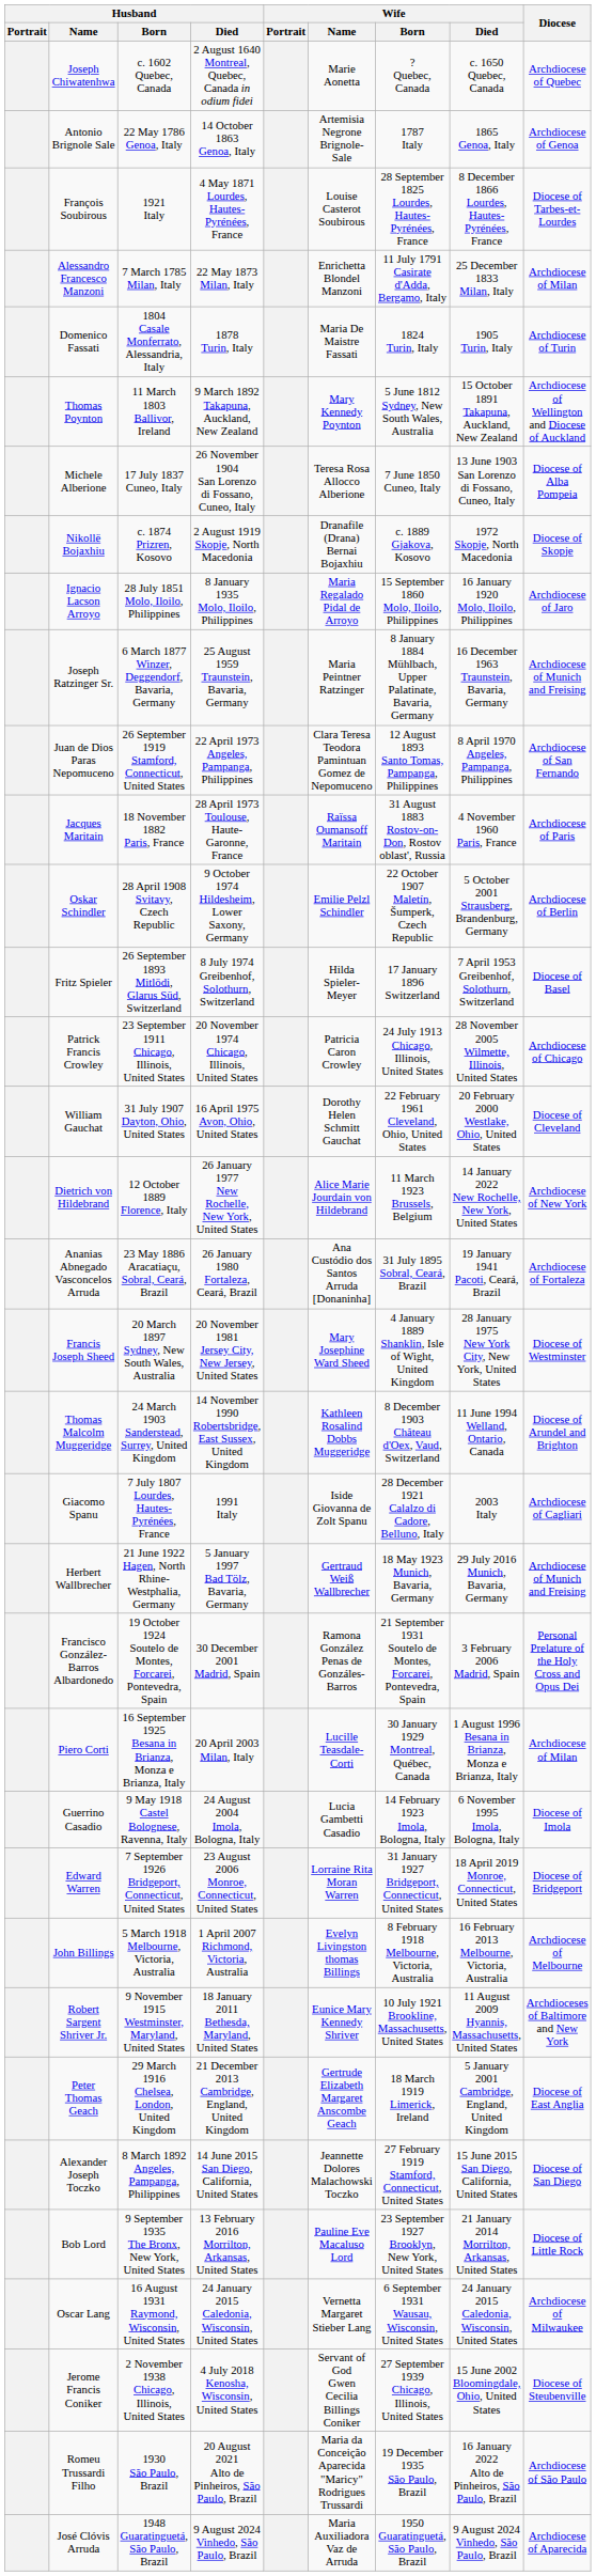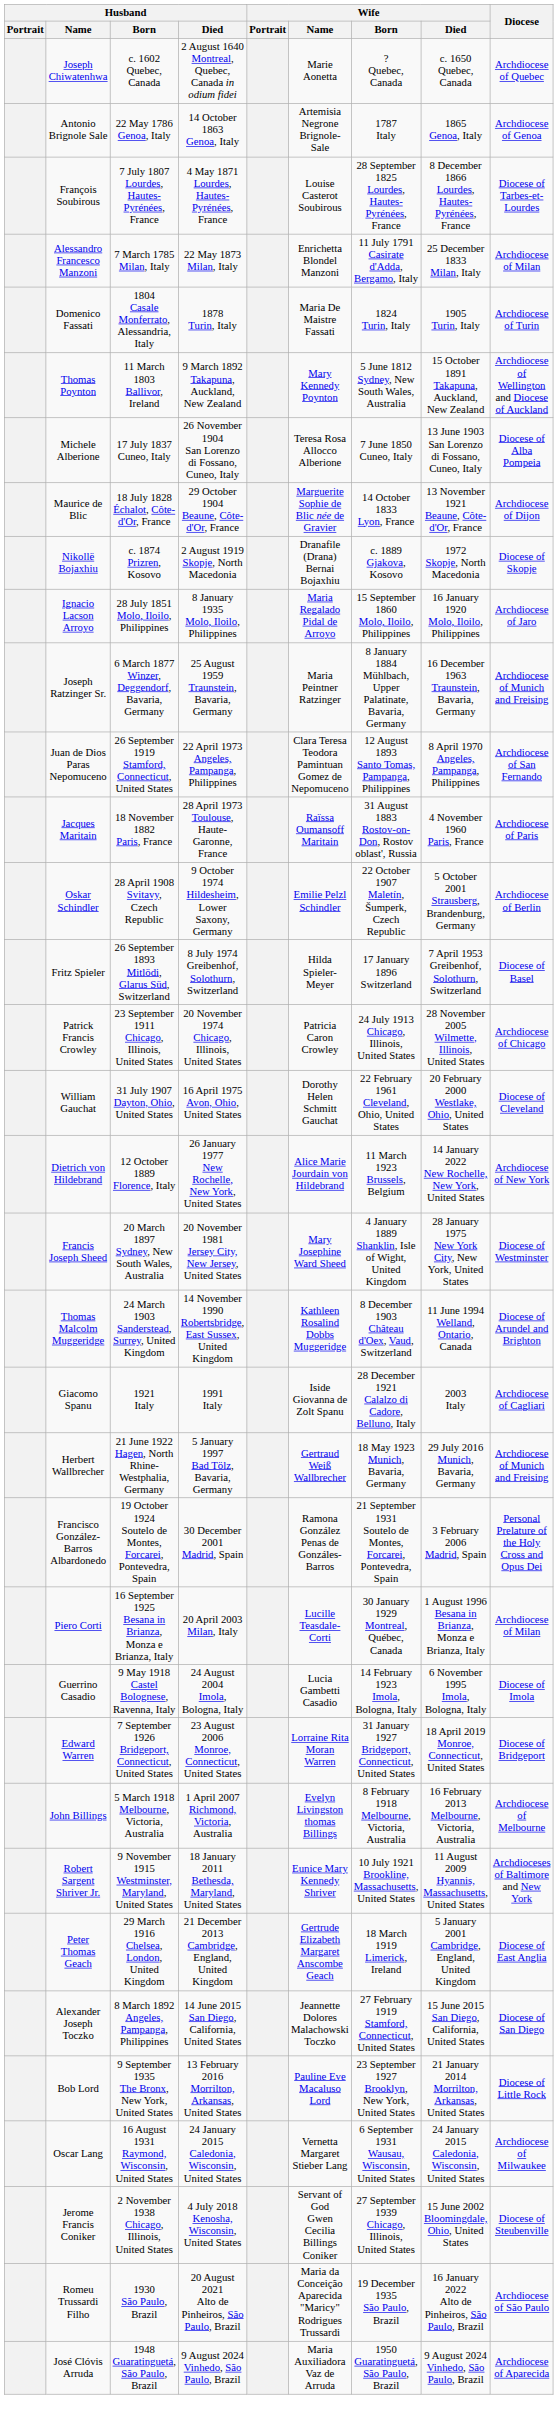 <table class="wikitable sortable">
 <tr>
 <th colspan=4>Husband</th>
 <th colspan=4>Wife</th>
 <th rowspan=2>Diocese</th>
 </tr>
 <tr>
 <th>Portrait</th>
 <th>Name</th>
 <th>Born</th>
 <th>Died</th>
 <th>Portrait</th>
 <th>Name</th>
 <th>Born</th>
 <th>Died</th>
 </tr>
 <tr>
 <th scope="row"></th>
 <td align="center"><a href='#'>Joseph Chiwatenhwa</a></td>
 <td align="center">c. 1602 <br> Quebec, Canada</td>
 <td align="center">2 August 1640 <br><a href='#'>Montreal</a>, Quebec, Canada <em>in odium fidei</em></td>
 <th scope="row"></th>
 <td align="center">Marie Aonetta</td>
 <td align="center">? <br>Quebec, Canada</td>
 <td align="center">c. 1650 <br>Quebec, Canada</td>
 <td align="center"><a href='#'>Archdiocese of Quebec</a></td>
 </tr>
 <tr>
 <th scope="row"></th>
 <td align="center">Antonio Brignole Sale</td>
 <td align="center">22 May 1786 <br><a href='#'>Genoa</a>, Italy</td>
 <td align="center">14 October 1863 <br><a href='#'>Genoa</a>, Italy</td>
 <th scope="row"></th>
 <td align="center">Artemisia Negrone Brignole-Sale</td>
 <td align="center">1787 <br>Italy</td>
 <td align="center">1865 <br><a href='#'>Genoa</a>, Italy</td>
 <td align="center"><a href='#'>Archdiocese of Genoa</a></td>
 </tr>
 <tr>
 <th scope="row"></th>
 <td align="center">François Soubirous</td>
-<td align="center">1921 <br>Italy</td>
+<td align="center">7 July 1807 <br><a href='#'>Lourdes</a>, <a href='#'>Hautes-Pyrénées</a>, France</td>
 <td align="center">4 May 1871 <br><a href='#'>Lourdes</a>, <a href='#'>Hautes-Pyrénées</a>, France</td>
 <th scope="row"></th>
 <td align="center">Louise Casterot Soubirous</td>
 <td align="center">28 September 1825 <br><a href='#'>Lourdes</a>, <a href='#'>Hautes-Pyrénées</a>, France</td>
 <td align="center">8 December 1866 <br><a href='#'>Lourdes</a>, <a href='#'>Hautes-Pyrénées</a>, France</td>
 <td align="center"><a href='#'>Diocese of Tarbes-et-Lourdes</a></td>
 </tr>
 <tr>
 <th scope="row"></th>
 <td align="center"><a href='#'>Alessandro Francesco Manzoni</a></td>
 <td align="center">7 March 1785 <br><a href='#'>Milan</a>, Italy</td>
 <td align="center">22 May 1873 <br><a href='#'>Milan</a>, Italy</td>
 <th scope="row"></th>
 <td align="center">Enrichetta Blondel Manzoni</td>
 <td align="center">11 July 1791 <br><a href='#'>Casirate d'Adda</a>, <a href='#'>Bergamo</a>, Italy</td>
 <td align="center">25 December 1833 <br><a href='#'>Milan</a>, Italy</td>
 <td align="center"><a href='#'>Archdiocese of Milan</a></td>
 </tr>
 <tr>
 <th scope="row"></th>
 <td align="center">Domenico Fassati</td>
 <td align="center">1804 <br><a href='#'>Casale Monferrato</a>, Alessandria, Italy</td>
 <td align="center">1878 <br><a href='#'>Turin</a>, Italy</td>
 <th scope="row"></th>
 <td align="center">Maria De Maistre Fassati</td>
 <td align="center">1824 <br><a href='#'>Turin</a>, Italy</td>
 <td align="center">1905 <br><a href='#'>Turin</a>, Italy</td>
 <td align="center"><a href='#'>Archdiocese of Turin</a></td>
 </tr>
 <tr>
 <th scope="row"></th>
 <td align="center"><a href='#'>Thomas Poynton</a></td>
 <td align="center">11 March 1803 <br><a href='#'>Ballivor</a>, Ireland</td>
 <td align="center">9 March 1892 <br><a href='#'>Takapuna</a>, Auckland, New Zealand</td>
 <th scope="row"></th>
 <td align="center"><a href='#'>Mary Kennedy Poynton</a></td>
 <td align="center">5 June 1812 <br><a href='#'>Sydney</a>, New South Wales, Australia</td>
 <td align="center">15 October 1891 <br><a href='#'>Takapuna</a>, Auckland, New Zealand</td>
 <td align="center"><a href='#'>Archdiocese of Wellington</a> and <a href='#'>Diocese of Auckland</a></td>
 </tr>
 <tr>
 <th scope="row"></th>
 <td align="center">Michele Alberione</td>
 <td align="center">17 July 1837 <br>Cuneo, Italy</td>
 <td align="center">26 November 1904 <br>San Lorenzo di Fossano, Cuneo, Italy</td>
 <th scope="row"></th>
 <td align="center">Teresa Rosa Allocco Alberione</td>
 <td align="center">7 June 1850 <br>Cuneo, Italy</td>
 <td align="center">13 June 1903 <br>San Lorenzo di Fossano, Cuneo, Italy</td>
 <td align="center"><a href='#'>Diocese of Alba Pompeia</a></td>
+</tr>
+<tr>
+<th scope="row"></th>
+<td align="center">Maurice de Blic</td>
+<td align="center">18 July 1828 <br><a href='#'>Échalot</a>, <a href='#'>Côte-d'Or</a>, France</td>
+<td align="center">29 October 1904 <br><a href='#'>Beaune</a>, <a href='#'>Côte-d'Or</a>, France</td>
+<th scope="row"></th>
+<td align="center"><a href='#'>Marguerite Sophie de Blic <em>née</em> de Gravier</a></td>
+<td align="center">14 October 1833 <br><a href='#'>Lyon</a>, France</td>
+<td align="center">13 November 1921 <br><a href='#'>Beaune</a>, <a href='#'>Côte-d'Or</a>, France</td>
+<td align="center"><a href='#'>Archdiocese of Dijon</a></td>
 </tr>
 <tr>
 <th scope="row"></th>
 <td align="center"><a href='#'>Nikollë Bojaxhiu</a></td>
 <td align="center">c. 1874 <br><a href='#'>Prizren</a>, Kosovo</td>
 <td align="center">2 August 1919 <br><a href='#'>Skopje</a>, North Macedonia</td>
 <th scope="row"></th>
 <td align="center">Dranafile (Drana) Bernai Bojaxhiu</td>
 <td align="center">c. 1889 <br><a href='#'>Gjakova</a>, Kosovo</td>
 <td align="center">1972 <br><a href='#'>Skopje</a>, North Macedonia</td>
 <td align="center"><a href='#'>Diocese of Skopje</a></td>
 </tr>
 <tr>
 <th scope="row"></th>
 <td align="center"><a href='#'>Ignacio Lacson Arroyo</a></td>
 <td align="center">28 July 1851 <br><a href='#'>Molo, Iloilo</a>, Philippines</td>
 <td align="center">8 January 1935 <br><a href='#'>Molo, Iloilo</a>, Philippines</td>
 <th scope="row"></th>
 <td align="center"><a href='#'>Maria Regalado Pidal de Arroyo</a></td>
 <td align="center">15 September 1860 <br><a href='#'>Molo, Iloilo</a>, Philippines</td>
 <td align="center">16 January 1920 <br><a href='#'>Molo, Iloilo</a>, Philippines</td>
 <td align="center"><a href='#'>Archdiocese of Jaro</a></td>
 </tr>
 <tr>
 <th scope="row"></th>
 <td align="center">Joseph Ratzinger Sr.</td>
 <td align="center">6 March 1877 <br><a href='#'>Winzer</a>, <a href='#'>Deggendorf</a>, Bavaria, Germany</td>
 <td align="center">25 August 1959 <br><a href='#'>Traunstein</a>, Bavaria, Germany</td>
 <th scope="row"></th>
 <td align="center">Maria Peintner Ratzinger</td>
 <td align="center">8 January 1884 <br>Mühlbach, Upper Palatinate, Bavaria, Germany</td>
 <td align="center">16 December 1963 <br><a href='#'>Traunstein</a>, Bavaria, Germany</td>
 <td align="center"><a href='#'>Archdiocese of Munich and Freising</a></td>
 </tr>
 <tr>
 <th scope="row"></th>
 <td align="center">Juan de Dios Paras Nepomuceno</td>
 <td align="center">26 September 1919 <br><a href='#'>Stamford, Connecticut</a>, United States</td>
 <td align="center">22 April 1973 <br><a href='#'>Angeles, Pampanga</a>, Philippines</td>
 <th scope="row"></th>
 <td align="center">Clara Teresa Teodora Pamintuan Gomez de Nepomuceno</td>
 <td align="center">12 August 1893 <br><a href='#'>Santo Tomas, Pampanga</a>, Philippines</td>
 <td align="center">8 April 1970 <br><a href='#'>Angeles, Pampanga</a>, Philippines</td>
 <td align="center"><a href='#'>Archdiocese of San Fernando</a></td>
 </tr>
 <tr>
 <th scope="row"></th>
 <td align="center"><a href='#'>Jacques Maritain</a></td>
 <td align="center">18 November 1882 <br><a href='#'>Paris</a>, France</td>
 <td align="center">28 April 1973 <br><a href='#'>Toulouse</a>, Haute-Garonne, France</td>
 <th scope="row"></th>
 <td align="center"><a href='#'>Raïssa Oumansoff Maritain</a></td>
 <td align="center">31 August 1883 <br><a href='#'>Rostov-on-Don</a>, Rostov oblast', Russia</td>
 <td align="center">4 November 1960 <br><a href='#'>Paris</a>, France</td>
 <td align="center"><a href='#'>Archdiocese of Paris</a></td>
 </tr>
 <tr>
 <th scope="row"></th>
 <td align="center"><a href='#'>Oskar Schindler</a></td>
 <td align="center">28 April 1908 <br><a href='#'>Svitavy</a>, Czech Republic</td>
 <td align="center">9 October 1974 <br><a href='#'>Hildesheim</a>, Lower Saxony, Germany</td>
 <th scope="row"></th>
 <td align="center"><a href='#'>Emilie Pelzl Schindler</a></td>
 <td align="center">22 October 1907 <br><a href='#'>Maletín</a>, Šumperk, Czech Republic</td>
 <td align="center">5 October 2001 <br><a href='#'>Strausberg</a>, Brandenburg, Germany</td>
 <td align="center"><a href='#'>Archdiocese of Berlin</a></td>
 </tr>
 <tr>
 <th scope="row"></th>
 <td align="center">Fritz Spieler</td>
 <td align="center">26 September 1893 <br><a href='#'>Mitlödi</a>, <a href='#'>Glarus Süd</a>, Switzerland</td>
 <td align="center">8 July 1974 <br>Greibenhof, <a href='#'>Solothurn</a>, Switzerland</td>
 <th scope="row"></th>
 <td align="center">Hilda Spieler-Meyer</td>
 <td align="center">17 January 1896 <br>Switzerland</td>
 <td align="center">7 April 1953 <br>Greibenhof, <a href='#'>Solothurn</a>, Switzerland</td>
 <td align="center"><a href='#'>Diocese of Basel</a></td>
 </tr>
 <tr>
 <th scope="row"></th>
 <td align="center">Patrick Francis Crowley</td>
 <td align="center">23 September 1911 <br><a href='#'>Chicago</a>, Illinois, United States</td>
 <td align="center">20 November 1974 <br><a href='#'>Chicago</a>, Illinois, United States</td>
 <th scope="row"></th>
 <td align="center">Patricia Caron Crowley</td>
 <td align="center">24 July 1913 <br><a href='#'>Chicago</a>, Illinois, United States</td>
 <td align="center">28 November 2005 <br><a href='#'>Wilmette, Illinois</a>, United States</td>
 <td align="center"><a href='#'>Archdiocese of Chicago</a></td>
 </tr>
 <tr>
 <th scope="row"></th>
 <td align="center">William Gauchat</td>
 <td align="center">31 July 1907 <br><a href='#'>Dayton, Ohio</a>, United States</td>
 <td align="center">16 April 1975 <br><a href='#'>Avon, Ohio</a>, United States</td>
 <th scope="row"></th>
 <td align="center">Dorothy Helen Schmitt Gauchat</td>
 <td align="center">22 February 1961 <br><a href='#'>Cleveland</a>, Ohio, United States</td>
 <td align="center">20 February 2000 <br><a href='#'>Westlake, Ohio</a>, United States</td>
 <td align="center"><a href='#'>Diocese of Cleveland</a></td>
 </tr>
 <tr>
 <th scope="row"></th>
 <td align="center"><a href='#'>Dietrich von Hildebrand</a></td>
 <td align="center">12 October 1889 <br><a href='#'>Florence</a>, Italy</td>
 <td align="center">26 January 1977 <br><a href='#'>New Rochelle, New York</a>, United States</td>
 <th scope="row"></th>
 <td align="center"><a href='#'>Alice Marie Jourdain von Hildebrand</a></td>
 <td align="center">11 March 1923 <br><a href='#'>Brussels</a>, Belgium</td>
 <td align="center">14 January 2022 <br><a href='#'>New Rochelle, New York</a>, United States</td>
 <td align="center"><a href='#'>Archdiocese of New York</a></td>
 </tr>
 <tr>
 <th scope="row"></th>
-<td align="center">Ananias Abnegado Vasconcelos Arruda</td>
-<td align="center">23 May 1886 <br>Aracatiaçu, <a href='#'>Sobral, Ceará</a>, Brazil</td>
-<td align="center">26 January 1980 <br><a href='#'>Fortaleza</a>, Ceará, Brazil</td>
-<th scope="row"></th>
-<td align="center">Ana Custódio dos Santos Arruda [Donaninha]</td>
-<td align="center">31 July 1895 <br><a href='#'>Sobral, Ceará</a>, Brazil</td>
-<td align="center">19 January 1941 <br><a href='#'>Pacoti</a>, Ceará, Brazil</td>
-<td align="center"><a href='#'>Archdiocese of Fortaleza</a></td>
-</tr>
-<tr>
-<th scope="row"></th>
 <td align="center"><a href='#'>Francis Joseph Sheed</a></td>
 <td align="center">20 March 1897 <br><a href='#'>Sydney</a>, New South Wales, Australia</td>
 <td align="center">20 November 1981 <br><a href='#'>Jersey City, New Jersey</a>, United States</td>
 <th scope="row"></th>
 <td align="center"><a href='#'>Mary Josephine Ward Sheed</a></td>
 <td align="center">4 January 1889 <br><a href='#'>Shanklin</a>, Isle of Wight, United Kingdom</td>
 <td align="center">28 January 1975 <br><a href='#'>New York City</a>, New York, United States</td>
 <td align="center"><a href='#'>Diocese of Westminster</a></td>
 </tr>
 <tr>
 <th scope="row"></th>
 <td align="center"><a href='#'>Thomas Malcolm Muggeridge</a></td>
 <td align="center">24 March 1903 <br><a href='#'>Sanderstead</a>, <a href='#'>Surrey</a>, United Kingdom</td>
 <td align="center">14 November 1990 <br><a href='#'>Robertsbridge</a>, <a href='#'>East Sussex</a>, United Kingdom</td>
 <th scope="row"></th>
 <td align="center"><a href='#'>Kathleen Rosalind Dobbs Muggeridge</a></td>
 <td align="center">8 December 1903 <br><a href='#'>Château d'Oex</a>, <a href='#'>Vaud</a>, Switzerland</td>
 <td align="center">11 June 1994 <br><a href='#'>Welland</a>, <a href='#'>Ontario</a>, Canada</td>
 <td align="center"><a href='#'>Diocese of Arundel and Brighton</a></td>
 </tr>
 <tr>
 <th scope="row"></th>
 <td align="center">Giacomo Spanu</td>
-<td align="center">7 July 1807 <br><a href='#'>Lourdes</a>, <a href='#'>Hautes-Pyrénées</a>, France</td>
+<td align="center">1921 <br>Italy</td>
 <td align="center">1991 <br>Italy</td>
 <th scope="row"></th>
 <td align="center">Iside Giovanna de Zolt Spanu</td>
 <td align="center">28 December 1921 <br><a href='#'>Calalzo di Cadore</a>, <a href='#'>Belluno</a>, Italy</td>
 <td align="center">2003 <br>Italy</td>
 <td align="center"><a href='#'>Archdiocese of Cagliari</a></td>
 </tr>
 <tr>
 <th scope="row"></th>
 <td align="center">Herbert Wallbrecher</td>
 <td align="center">21 June 1922 <br><a href='#'>Hagen</a>, North Rhine-Westphalia, Germany</td>
 <td align="center">5 January 1997 <br><a href='#'>Bad Tölz</a>, Bavaria, Germany</td>
 <th scope="row"></th>
 <td align="center"><a href='#'>Gertraud Weiß Wallbrecher</a></td>
 <td align="center">18 May 1923 <br><a href='#'>Munich</a>, Bavaria, Germany</td>
 <td align="center">29 July 2016 <br><a href='#'>Munich</a>, Bavaria, Germany</td>
 <td align="center"><a href='#'>Archdiocese of Munich and Freising</a></td>
 </tr>
 <tr>
 <th scope="row"></th>
 <td align="center">Francisco González-Barros Albardonedo</td>
 <td align="center">19 October 1924 <br>Soutelo de Montes, <a href='#'>Forcarei</a>, Pontevedra, Spain</td>
 <td align="center">30 December 2001 <br><a href='#'>Madrid</a>, Spain</td>
 <th scope="row"></th>
 <td align="center">Ramona González Penas de Gonzáles-Barros</td>
 <td align="center">21 September 1931 <br>Soutelo de Montes, <a href='#'>Forcarei</a>, Pontevedra, Spain</td>
 <td align="center">3 February 2006 <br><a href='#'>Madrid</a>, Spain</td>
 <td align="center"><a href='#'>Personal Prelature of the Holy Cross and Opus Dei</a></td>
 </tr>
 <tr>
 <th scope="row"></th>
 <td align="center"><a href='#'>Piero Corti</a></td>
 <td align="center">16 September 1925 <br><a href='#'>Besana in Brianza</a>, Monza e Brianza, Italy</td>
 <td align="center">20 April 2003 <br><a href='#'>Milan</a>, Italy</td>
 <th scope="row"></th>
 <td align="center"><a href='#'>Lucille Teasdale-Corti</a></td>
 <td align="center">30 January 1929 <br><a href='#'>Montreal</a>, Québec, Canada</td>
 <td align="center">1 August 1996 <br><a href='#'>Besana in Brianza</a>, Monza e Brianza, Italy</td>
 <td align="center"><a href='#'>Archdiocese of Milan</a></td>
 </tr>
 <tr>
 <th scope="row"></th>
 <td align="center">Guerrino Casadio</td>
 <td align="center">9 May 1918 <br><a href='#'>Castel Bolognese</a>, Ravenna, Italy</td>
 <td align="center">24 August 2004 <br><a href='#'>Imola</a>, Bologna, Italy</td>
 <th scope="row"></th>
 <td align="center">Lucia Gambetti Casadio</td>
 <td align="center">14 February 1923 <br><a href='#'>Imola</a>, Bologna, Italy</td>
 <td align="center">6 November 1995 <br><a href='#'>Imola</a>, Bologna, Italy</td>
 <td align="center"><a href='#'>Diocese of Imola</a></td>
 </tr>
 <tr>
 <th scope="row"></th>
 <td align="center"><a href='#'>Edward Warren</a></td>
 <td align="center">7 September 1926 <br><a href='#'>Bridgeport, Connecticut</a>, United States</td>
 <td align="center">23 August 2006 <br><a href='#'>Monroe, Connecticut</a>, United States</td>
 <th scope="row"></th>
 <td align="center"><a href='#'>Lorraine Rita Moran Warren</a></td>
 <td align="center">31 January 1927 <br><a href='#'>Bridgeport, Connecticut</a>, United States</td>
 <td align="center">18 April 2019 <br><a href='#'>Monroe, Connecticut</a>, United States</td>
 <td align="center"><a href='#'>Diocese of Bridgeport</a></td>
 </tr>
 <tr>
 <th scope="row"></th>
 <td align="center"><a href='#'>John Billings</a></td>
 <td align="center">5 March 1918 <br><a href='#'>Melbourne</a>, Victoria, Australia</td>
 <td align="center">1 April 2007 <br><a href='#'>Richmond, Victoria</a>, Australia</td>
 <th scope="row"></th>
 <td align="center"><a href='#'>Evelyn Livingston thomas Billings</a></td>
 <td align="center">8 February 1918 <br><a href='#'>Melbourne</a>, Victoria, Australia</td>
 <td align="center">16 February 2013 <br><a href='#'>Melbourne</a>, Victoria, Australia</td>
 <td align="center"><a href='#'>Archdiocese of Melbourne</a></td>
 </tr>
 <tr>
 <th scope="row"></th>
 <td align="center"><a href='#'>Robert Sargent Shriver Jr.</a></td>
 <td align="center">9 November 1915 <br><a href='#'>Westminster, Maryland</a>, United States</td>
 <td align="center">18 January 2011 <br><a href='#'>Bethesda, Maryland</a>, United States</td>
 <th scope="row"></th>
 <td align="center"><a href='#'>Eunice Mary Kennedy Shriver</a></td>
 <td align="center">10 July 1921 <br><a href='#'>Brookline, Massachusetts</a>, United States</td>
 <td align="center">11 August 2009 <br><a href='#'>Hyannis, Massachusetts</a>, United States</td>
 <td align="center"><a href='#'>Archdioceses of Baltimore</a> and <a href='#'>New York</a></td>
 </tr>
 <tr>
 <th scope="row"></th>
 <td align="center"><a href='#'>Peter Thomas Geach</a></td>
 <td align="center">29 March 1916 <br><a href='#'>Chelsea</a>, <a href='#'>London</a>, United Kingdom</td>
 <td align="center">21 December 2013 <br><a href='#'>Cambridge</a>, England, United Kingdom</td>
 <th scope="row"></th>
 <td align="center"><a href='#'>Gertrude Elizabeth Margaret Anscombe Geach</a></td>
 <td align="center">18 March 1919 <br><a href='#'>Limerick</a>, Ireland</td>
 <td align="center">5 January 2001 <br><a href='#'>Cambridge</a>, England, United Kingdom</td>
 <td align="center"><a href='#'>Diocese of East Anglia</a></td>
 </tr>
 <tr>
 <th scope="row"></th>
 <td align="center">Alexander Joseph Toczko</td>
 <td align="center">8 March 1892 <br><a href='#'>Angeles, Pampanga</a>, Philippines</td>
 <td align="center">14 June 2015 <br><a href='#'>San Diego</a>, California, United States</td>
 <th scope="row"></th>
 <td align="center">Jeannette Dolores Malachowski Toczko</td>
 <td align="center">27 February 1919 <br><a href='#'>Stamford, Connecticut</a>, United States</td>
 <td align="center">15 June 2015 <br><a href='#'>San Diego</a>, California, United States</td>
 <td align="center"><a href='#'>Diocese of San Diego</a></td>
 </tr>
 <tr>
 <th scope="row"></th>
 <td align="center">Bob Lord</td>
 <td align="center">9 September 1935 <br><a href='#'>The Bronx</a>, New York, United States</td>
 <td align="center">13 February 2016 <br><a href='#'>Morrilton, Arkansas</a>, United States</td>
 <th scope="row"></th>
 <td align="center"><a href='#'>Pauline Eve Macaluso Lord</a></td>
 <td align="center">23 September 1927 <br><a href='#'>Brooklyn</a>, New York, United States</td>
 <td align="center">21 January 2014 <br><a href='#'>Morrilton, Arkansas</a>, United States</td>
 <td align="center"><a href='#'>Diocese of Little Rock</a></td>
 </tr>
 <tr>
 <th scope="row"></th>
 <td align="center">Oscar Lang</td>
 <td align="center">16 August 1931 <br><a href='#'>Raymond, Wisconsin</a>, United States</td>
 <td align="center">24 January 2015 <br><a href='#'>Caledonia, Wisconsin</a>, United States</td>
 <th scope="row"></th>
 <td align="center">Vernetta Margaret Stieber Lang</td>
 <td align="center">6 September 1931 <br><a href='#'>Wausau, Wisconsin</a>, United States</td>
 <td align="center">24 January 2015 <br><a href='#'>Caledonia, Wisconsin</a>, United States</td>
 <td align="center"><a href='#'>Archdiocese of Milwaukee</a></td>
 </tr>
 <tr>
 <th scope="row"></th>
 <td align="center">Jerome Francis Coniker</td>
 <td align="center">2 November 1938 <br><a href='#'>Chicago</a>, Illinois, United States</td>
 <td align="center">4 July 2018 <br><a href='#'>Kenosha, Wisconsin</a>, United States</td>
 <th scope="row"></th>
 <td align="center">Servant of God <br>Gwen Cecilia Billings Coniker</td>
 <td align="center">27 September 1939 <br><a href='#'>Chicago</a>, Illinois, United States</td>
 <td align="center">15 June 2002 <br><a href='#'>Bloomingdale, Ohio</a>, United States</td>
 <td align="center"><a href='#'>Diocese of Steubenville</a></td>
 </tr>
 <tr>
 <th scope="row"></th>
 <td align="center">Romeu Trussardi Filho</td>
 <td align="center">1930 <br><a href='#'>São Paulo</a>, Brazil</td>
 <td align="center">20 August 2021 <br>Alto de Pinheiros, <a href='#'>São Paulo</a>, Brazil</td>
 <th scope="row"></th>
 <td align="center">Maria da Conceição Aparecida "Maricy" Rodrigues Trussardi</td>
 <td align="center">19 December 1935 <br><a href='#'>São Paulo</a>, Brazil</td>
 <td align="center">16 January 2022 <br>Alto de Pinheiros, <a href='#'>São Paulo</a>, Brazil</td>
 <td align="center"><a href='#'>Archdiocese of São Paulo</a></td>
 </tr>
 <tr>
 <th scope="row"></th>
 <td align="center">José Clóvis Arruda</td>
 <td align="center">1948 <br><a href='#'>Guaratinguetá</a>, <a href='#'>São Paulo</a>, Brazil</td>
 <td align="center">9 August 2024 <br><a href='#'>Vinhedo</a>, <a href='#'>São Paulo</a>, Brazil</td>
 <th scope="row"></th>
 <td align="center">Maria Auxiliadora Vaz de Arruda</td>
 <td align="center">1950 <br><a href='#'>Guaratinguetá</a>, <a href='#'>São Paulo</a>, Brazil</td>
 <td align="center">9 August 2024<br><a href='#'>Vinhedo</a>, <a href='#'>São Paulo</a>, Brazil</td>
 <td align="center"><a href='#'>Archdiocese of Aparecida</a></td>
 </tr>
 </table>
